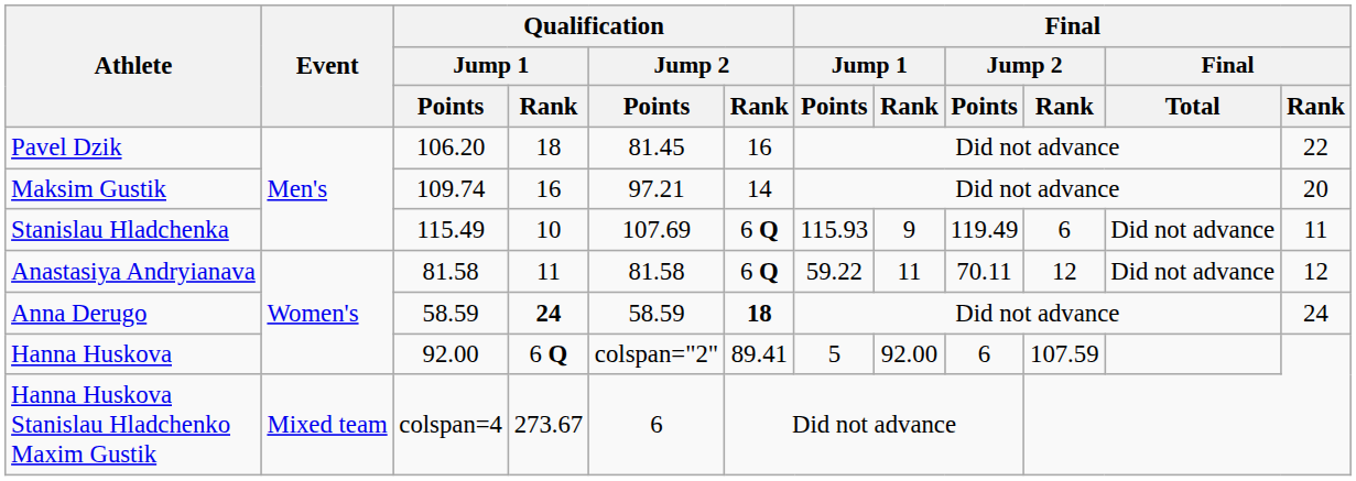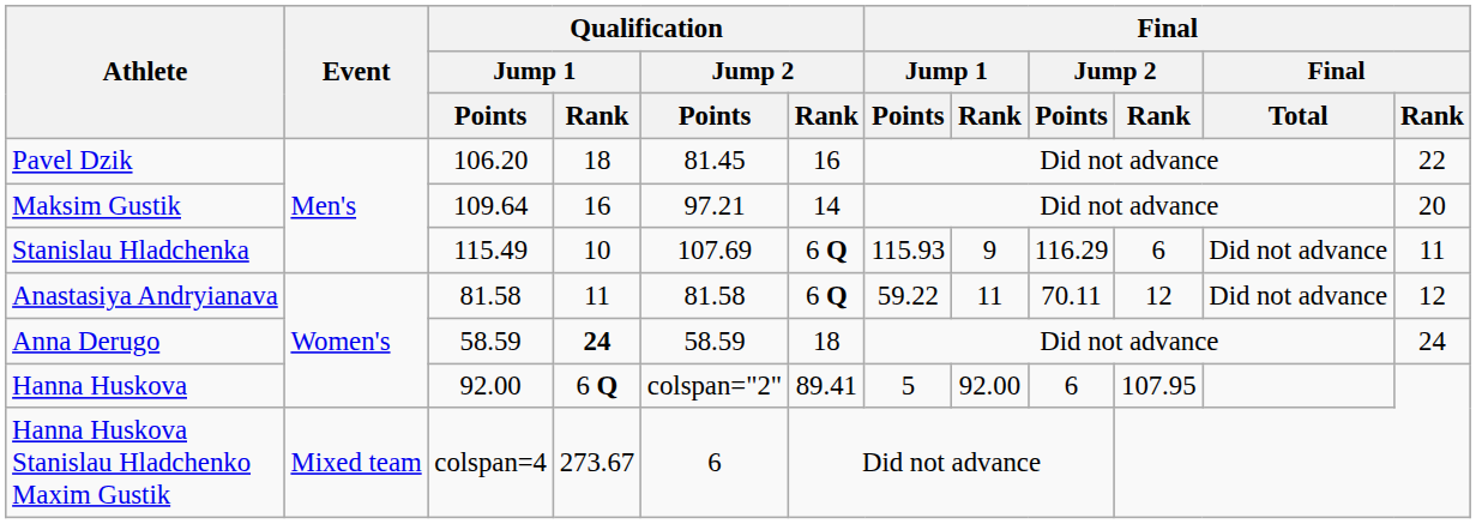 <table class=wikitable style=font-size:90%;text-align:center>
 <tr>
 <th rowspan=3>Athlete</th>
 <th rowspan=3>Event</th>
 <th colspan=4>Qualification</th>
 <th colspan=6>Final</th>
 </tr>
 <tr style=font-size:95%>
 <th colspan=2>Jump 1</th>
 <th colspan=2>Jump 2</th>
 <th colspan=2>Jump 1</th>
 <th colspan=2>Jump 2</th>
 <th colspan="2">Final</th>
 </tr>
 <tr>
 <th>Points</th>
 <th>Rank</th>
 <th>Points</th>
 <th>Rank</th>
 <th>Points</th>
 <th>Rank</th>
 <th>Points</th>
 <th>Rank</th>
 <th>Total</th>
 <th>Rank</th>
 </tr>
 <tr>
 <td align=left><a href='#'>Pavel Dzik</a></td>
 <td align=left rowspan=3><a href='#'>Men's</a></td>
 <td>106.20</td>
 <td>18</td>
 <td>81.45</td>
 <td>16</td>
 <td colspan=5>Did not advance</td>
 <td>22</td>
 </tr>
 <tr>
 <td align=left><a href='#'>Maksim Gustik</a></td>
-<td>109.74</td>
+<td>109.64</td>
 <td>16</td>
 <td>97.21</td>
 <td>14</td>
 <td colspan=5>Did not advance</td>
 <td>20</td>
 </tr>
 <tr>
 <td align=left><a href='#'>Stanislau Hladchenka</a></td>
 <td>115.49</td>
 <td>10</td>
 <td>107.69</td>
 <td>6 <strong>Q</strong></td>
 <td>115.93</td>
 <td>9</td>
-<td>119.49</td>
+<td>116.29</td>
 <td>6</td>
 <td>Did not advance</td>
 <td>11</td>
 </tr>
 <tr>
 <td align=left><a href='#'>Anastasiya Andryianava</a></td>
 <td align=left rowspan=3><a href='#'>Women's</a></td>
 <td>81.58</td>
 <td>11</td>
 <td>81.58</td>
 <td>6 <strong>Q</strong></td>
 <td>59.22</td>
 <td>11</td>
 <td>70.11</td>
 <td>12</td>
 <td>Did not advance</td>
 <td>12</td>
 </tr>
 <tr>
 <td align=left><a href='#'>Anna Derugo</a></td>
 <td>58.59</td>
 <td><strong>24</strong></td>
 <td>58.59</td>
-<td><strong>18</strong></td>
+<td>18</td>
 <td colspan=5>Did not advance</td>
 <td>24</td>
 </tr>
 <tr>
 <td align=left><a href='#'>Hanna Huskova</a></td>
 <td>92.00</td>
 <td>6 <strong>Q</strong></td>
 <td>colspan="2" </td>
 <td>89.41</td>
 <td>5</td>
 <td>92.00</td>
 <td>6</td>
-<td>107.59</td>
+<td>107.95</td>
 <td></td>
 </tr>
 <tr>
 <td align=left><a href='#'>Hanna Huskova</a><br><a href='#'>Stanislau Hladchenko</a><br><a href='#'>Maxim Gustik</a></td>
 <td align=left><a href='#'>Mixed team</a></td>
 <td>colspan=4</td>
 <td>273.67</td>
 <td>6</td>
 <td colspan=4>Did not advance</td>
 </tr>
 </table>
